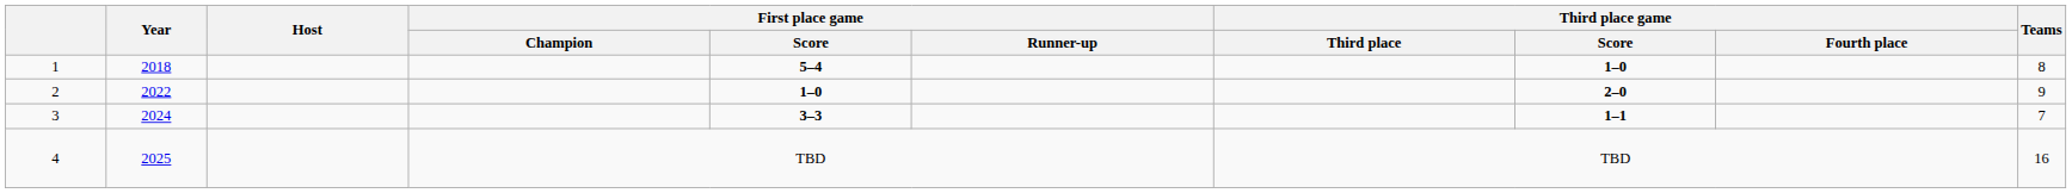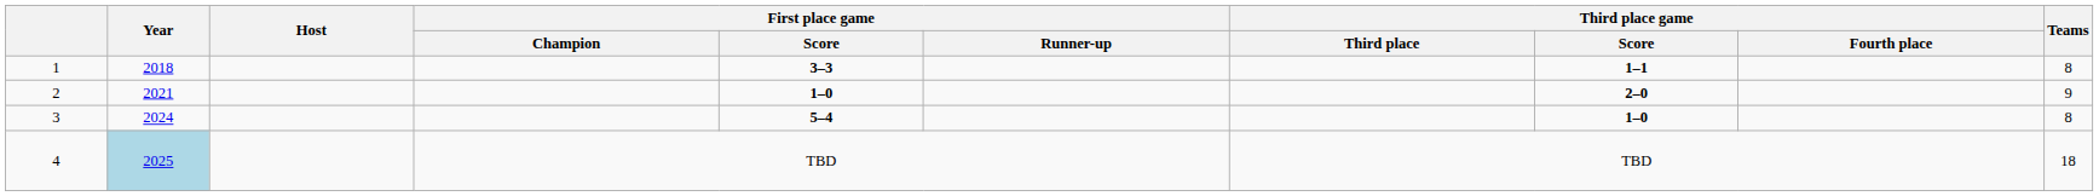 <table class="wikitable" style="font-size:90%; text-align:center; width:100%;">
 <tr>
 <th rowspan="2" style="width:5%;"></th>
 <th rowspan="2" style="width:5%;">Year</th>
 <th rowspan="2" style="width:10%;">Host</th>
 <th colspan="3">First place game</th>
 <th colspan="3">Third place game</th>
 <th rowspan="2" style="width:5%;">Teams</th>
 </tr>
 <tr>
 <th style="width:15%;"> Champion</th>
 <th style="width:10%;">Score</th>
 <th style="width:15%;"> Runner-up</th>
 <th style="width:15%;"> Third place</th>
 <th style="width:10%;">Score</th>
 <th style="width:15%;"> Fourth place</th>
 </tr>
 <tr>
 <td>1</td>
 <td><a href='#'>2018</a></td>
 <td style="text-align:left"></td>
 <td></td>
-<td><strong>5–4</strong></td>
+<td><strong>3–3</strong> </td>
 <td></td>
 <td></td>
-<td><strong>1–0</strong></td>
+<td><strong>1–1</strong> </td>
 <td></td>
 <td>8</td>
 </tr>
 <tr>
 <td>2</td>
-<td><a href='#'>2022</a></td>
+<td><a href='#'>2021</a></td>
 <td style="text-align:left"></td>
 <td></td>
 <td><strong>1–0</strong></td>
 <td></td>
 <td></td>
 <td><strong>2–0</strong></td>
 <td></td>
 <td>9</td>
 </tr>
 <tr>
 <td>3</td>
 <td><a href='#'>2024</a></td>
 <td style="text-align:left"></td>
 <td></td>
-<td><strong>3–3</strong> </td>
+<td><strong>5–4</strong></td>
 <td></td>
 <td></td>
-<td><strong>1–1</strong> </td>
+<td><strong>1–0</strong></td>
 <td></td>
-<td>7</td>
+<td>8</td>
 </tr>
 <tr style=" height:4em;">
 <td>4</td>
-<td><a href='#'>2025</a></td>
+<td style="background: lightblue;"><a href='#'>2025</a></td>
 <td style="text-align:left"></td>
 <td colspan="3">TBD</td>
 <td colspan="3">TBD</td>
-<td>16</td>
+<td>18</td>
 </tr>
 </table>
